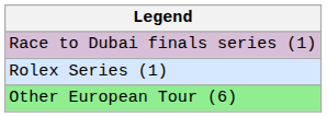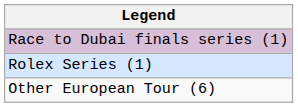 <table class="wikitable" style="font-size:95%;">
 <tr>
 <th>Legend</th>
 </tr>
 <tr style="background:thistle;">
 <td>Race to Dubai finals series (1)</td>
 </tr>
 <tr style="background:#D6E8FF;">
 <td>Rolex Series (1)</td>
 </tr>
 <tr>
-<td style="background: lightgreen;">Other European Tour (6)</td>
+<td>Other European Tour (6)</td>
 </tr>
 </table>
